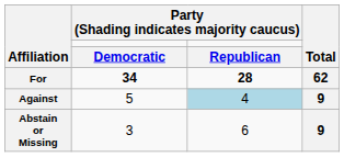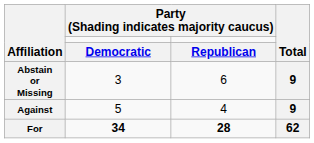 <table class="wikitable" style="text-align:center">
 <tr valign="bottom">
 <th scope="col" rowspan="3">Affiliation</th>
 <th scope="col" colspan="2">Party <div>(Shading indicates majority caucus)</div></th>
 <th scope="col" rowspan="3">Total</th>
 </tr>
 <tr style="height:5px">
 <td style="background-color:"></td>
 <td style="background-color:"></td>
 </tr>
 <tr>
 <th><a href='#'>Democratic</a></th>
 <th><a href='#'>Republican</a></th>
 </tr>
 <tr>
+<th scope="row" style="white-space:nowrap; font-size:80%">Abstain<br>or<br>Missing</th>
+<td>3</td>
+<td>6</td>
+<th>9</th>
+</tr>
+<tr>
+<th scope="row" style="white-space:nowrap; font-size:80%">Against</th>
+<td>5</td>
+<td>4</td>
+<th>9</th>
+</tr>
+<tr>
 <th scope="row" style="white-space:nowrap; font-size:80%">For</th>
 <td><strong>34</strong></td>
 <td><strong>28</strong></td>
 <th><strong>62</strong></th>
 </tr>
-<tr>
-<th scope="row" style="white-space:nowrap; font-size:80%">Against</th>
-<td>5</td>
-<td style="background: lightblue;">4</td>
-<th>9</th>
-</tr>
-<tr>
-<th scope="row" style="white-space:nowrap; font-size:80%">Abstain<br>or<br>Missing</th>
-<td>3</td>
-<td>6</td>
-<th>9</th>
-</tr>
 </table>
